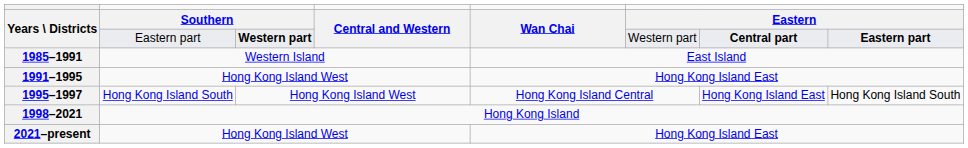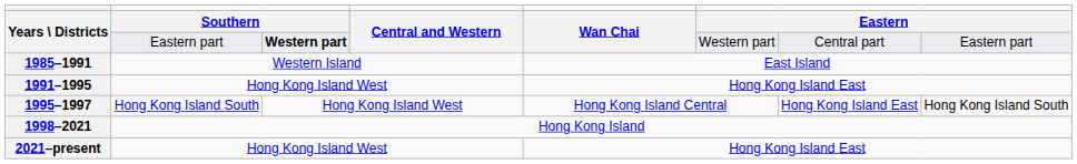 <table class="wikitable" style="text-align:center">
 <tr>
 <th></th>
 <td colspan="2" style="width:200px"></td>
 <td style="width:200px"></td>
 <td style="width:200px"></td>
 <td colspan="3" style="width:200px"></td>
 </tr>
 <tr>
 <th rowspan="2">Years \ Districts</th>
 <th colspan="2"><a href='#'>Southern</a></th>
 <th rowspan="2"><a href='#'>Central and Western</a></th>
 <th rowspan="2"><a href='#'>Wan Chai</a></th>
 <th colspan="3"><a href='#'>Eastern</a></th>
 </tr>
 <tr>
 <td bgcolor="#EBECF0">Eastern part</td>
 <td bgcolor="#EBECF0"><strong>Western part</strong></td>
 <td bgcolor="#EBECF0">Western part</td>
-<td bgcolor="#EBECF0"><strong>Central part</strong></td>
-<td bgcolor="#EBECF0"><strong>Eastern part</strong></td>
+<td bgcolor="#EBECF0">Central part</td>
+<td bgcolor="#EBECF0">Eastern part</td>
 </tr>
 <tr>
 <th><a href='#'>1985</a>–1991</th>
 <td colspan="3"><a href='#'>Western Island</a></td>
 <td colspan="4"><a href='#'>East Island</a></td>
 </tr>
 <tr>
 <th><a href='#'>1991</a>–1995</th>
 <td colspan="3"><a href='#'>Hong Kong Island West</a></td>
 <td colspan="4"><a href='#'>Hong Kong Island East</a></td>
 </tr>
 <tr>
 <th><a href='#'>1995</a>–1997</th>
 <td><a href='#'>Hong Kong Island South</a></td>
 <td colspan="2"><a href='#'>Hong Kong Island West</a></td>
 <td colspan="2"><a href='#'>Hong Kong Island Central</a></td>
 <td><a href='#'>Hong Kong Island East</a></td>
 <td>Hong Kong Island South</td>
 </tr>
 <tr>
 <th><a href='#'>1998</a>–2021</th>
 <td colspan="7"><a href='#'>Hong Kong Island</a></td>
 </tr>
 <tr>
 <th><a href='#'>2021</a>–present</th>
 <td colspan="3"><a href='#'>Hong Kong Island West</a></td>
 <td colspan="4"><a href='#'>Hong Kong Island East</a></td>
 </tr>
 </table>
